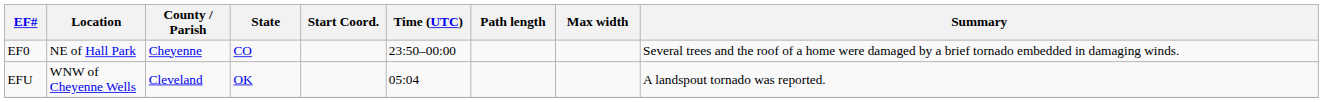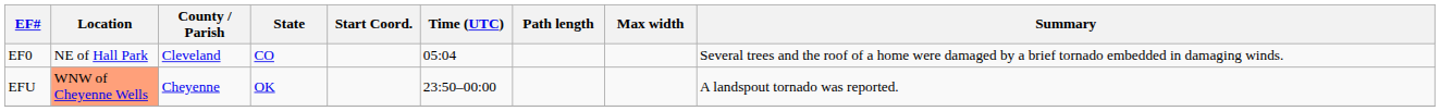 <table class="wikitable sortable" style="width:100%;">
 <tr>
 <th scope="col"  style="width:3%; text-align:center;"><a href='#'>EF#</a></th>
 <th scope="col"  style="width:7%; text-align:center;" class="unsortable">Location</th>
 <th scope="col"  style="width:6%; text-align:center;" class="unsortable">County / Parish</th>
 <th scope="col"  style="width:5%; text-align:center;">State</th>
 <th scope="col"  style="width:6%; text-align:center;">Start Coord.</th>
 <th scope="col"  style="width:6%; text-align:center;">Time (<a href='#'>UTC</a>)</th>
 <th scope="col"  style="width:6%; text-align:center;">Path length</th>
 <th scope="col"  style="width:6%; text-align:center;">Max width</th>
 <th scope="col" class="unsortable" style="width:48%; text-align:center;">Summary</th>
 </tr>
 <tr>
 <td>EF0</td>
 <td>NE of <a href='#'>Hall Park</a></td>
-<td><a href='#'>Cheyenne</a></td>
+<td><a href='#'>Cleveland</a></td>
 <td><a href='#'>CO</a></td>
 <td></td>
-<td>23:50–00:00</td>
+<td>05:04</td>
 <td></td>
 <td></td>
 <td>Several trees and the roof of a home were damaged by a brief tornado embedded in damaging winds.</td>
 </tr>
 <tr>
 <td>EFU</td>
-<td>WNW of <a href='#'>Cheyenne Wells</a></td>
-<td><a href='#'>Cleveland</a></td>
+<td style="background: lightsalmon;">WNW of <a href='#'>Cheyenne Wells</a></td>
+<td><a href='#'>Cheyenne</a></td>
 <td><a href='#'>OK</a></td>
 <td></td>
-<td>05:04</td>
+<td>23:50–00:00</td>
 <td></td>
 <td></td>
 <td>A landspout tornado was reported.</td>
 </tr>
 <tr>
 </tr>
 </table>
